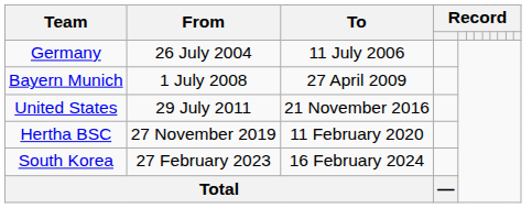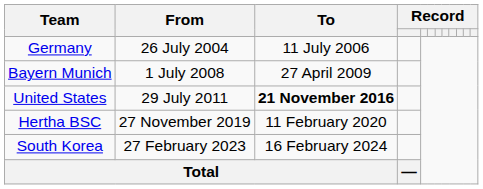 <table class="wikitable" style="text-align: center">
 <tr>
 <th rowspan="2">Team</th>
 <th rowspan="2">From</th>
 <th rowspan="2">To</th>
 <th colspan="9">Record</th>
 </tr>
 <tr>
 <th></th>
 <th></th>
 <th></th>
 <th></th>
 <th></th>
 <th></th>
 <th></th>
 <th></th>
 <th></th>
 </tr>
 <tr>
 <td><a href='#'>Germany</a></td>
 <td>26 July 2004</td>
 <td>11 July 2006<br></td>
 <td></td>
 </tr>
 <tr>
 <td><a href='#'>Bayern Munich</a></td>
 <td>1 July 2008</td>
 <td>27 April 2009<br></td>
 <td></td>
 </tr>
 <tr>
 <td><a href='#'>United States</a></td>
 <td>29 July 2011</td>
-<td>21 November 2016<br></td>
+<td><strong>21 November 2016<br></strong></td>
 <td></td>
 </tr>
 <tr>
 <td><a href='#'>Hertha BSC</a></td>
 <td>27 November 2019</td>
 <td>11 February 2020<br></td>
 <td></td>
 </tr>
 <tr>
 <td><a href='#'>South Korea</a></td>
 <td>27 February 2023</td>
 <td>16 February 2024<br></td>
 <td></td>
 </tr>
 <tr>
 <th colspan="3">Total<br></th>
 <th>—</th>
 </tr>
 </table>
